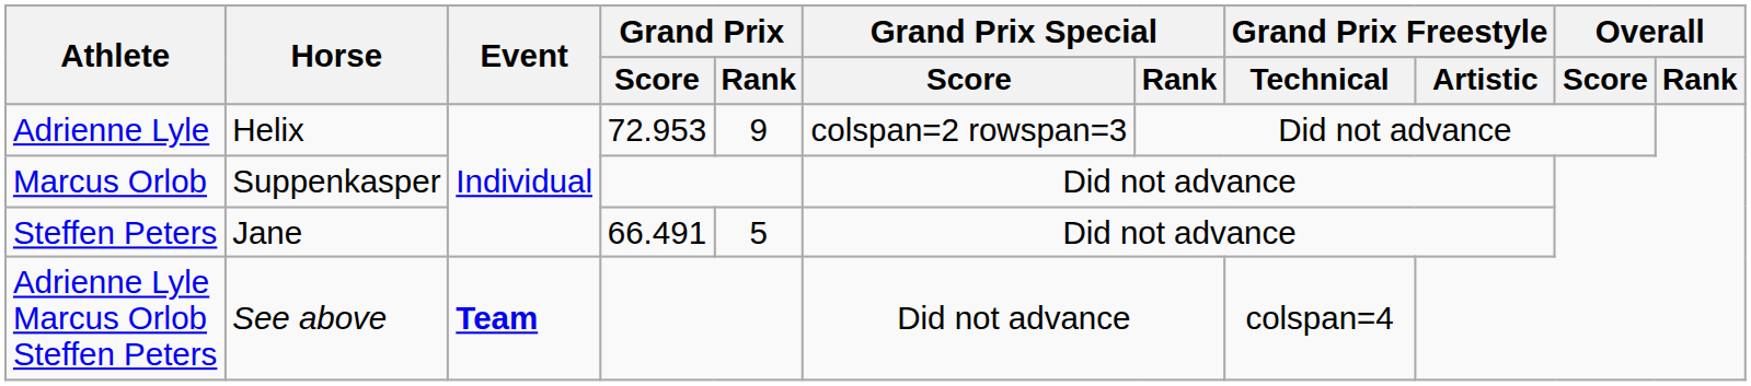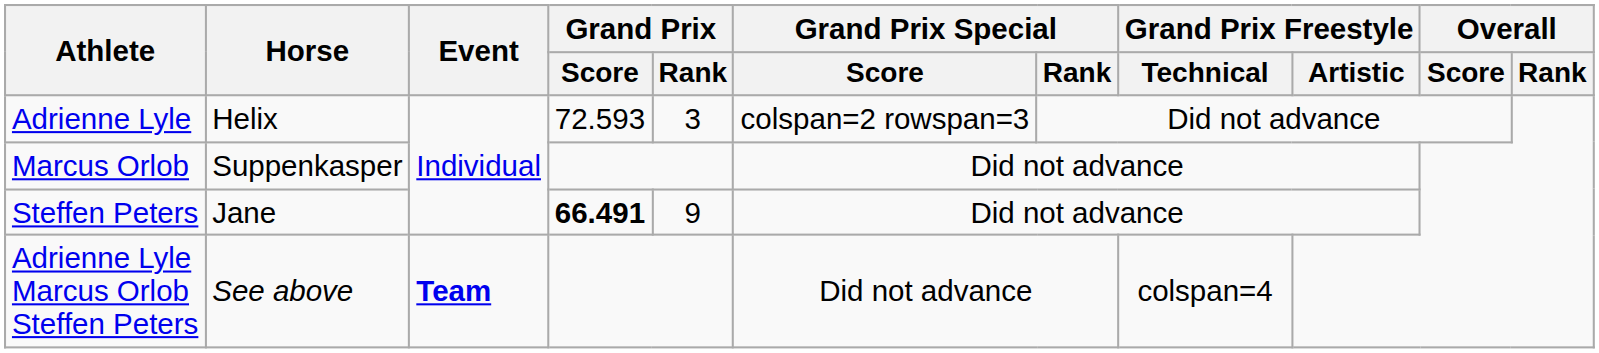 <table class=wikitable style=font-size:90%;text-align:center>
 <tr>
 <th rowspan=2>Athlete</th>
 <th rowspan=2>Horse</th>
 <th rowspan=2>Event</th>
 <th colspan=2>Grand Prix</th>
 <th colspan=2>Grand Prix Special</th>
 <th colspan=2>Grand Prix Freestyle</th>
 <th colspan=2>Overall</th>
 </tr>
 <tr style=font-size:95%>
 <th>Score</th>
 <th>Rank</th>
 <th>Score</th>
 <th>Rank</th>
 <th>Technical</th>
 <th>Artistic</th>
 <th>Score</th>
 <th>Rank</th>
 </tr>
 <tr>
 <td align=left><a href='#'>Adrienne Lyle</a></td>
 <td align=left>Helix</td>
 <td rowspan=3 align=left><a href='#'>Individual</a></td>
-<td>72.953</td>
-<td>9</td>
+<td>72.593</td>
+<td>3</td>
 <td>colspan=2 rowspan=3 </td>
 <td colspan=4>Did not advance</td>
 </tr>
 <tr>
 <td align=left><a href='#'>Marcus Orlob</a></td>
 <td align=left>Suppenkasper</td>
 <td colspan=2></td>
 <td colspan=4>Did not advance</td>
 </tr>
 <tr>
 <td align=left><a href='#'>Steffen Peters</a></td>
 <td align=left>Jane</td>
-<td>66.491</td>
-<td>5</td>
+<td><strong>66.491</strong></td>
+<td>9</td>
 <td colspan=4>Did not advance</td>
 </tr>
 <tr>
 <td align=left><a href='#'>Adrienne Lyle</a><br><a href='#'>Marcus Orlob</a><br><a href='#'>Steffen Peters</a></td>
 <td align=left><em>See above</em></td>
 <td align=left><strong><a href='#'>Team</a></strong></td>
 <td colspan=2></td>
 <td colspan=2>Did not advance</td>
 <td>colspan=4 </td>
 </tr>
 </table>
